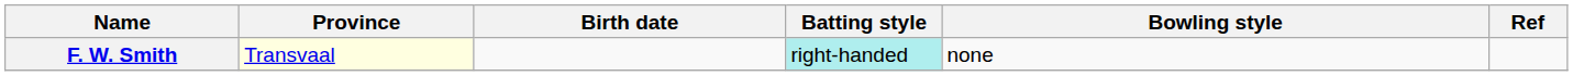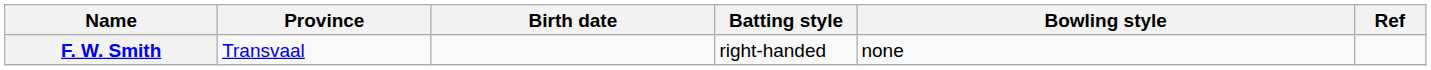 <table class="wikitable plainrowheaders" style="font-size:95%; width:90%;">
 <tr>
 <th scope="col" width="15%">Name</th>
 <th scope="col" width="15%">Province</th>
 <th scope="col" width="20%">Birth date</th>
 <th scope="col" width="10%">Batting style</th>
 <th scope="col" width="35%">Bowling style</th>
 <th scope="col" width="5%">Ref</th>
 </tr>
 <tr>
 <th scope="row"><a href='#'>F. W. Smith</a></th>
-<td style="background: lightyellow;"><a href='#'>Transvaal</a></td>
+<td><a href='#'>Transvaal</a></td>
 <td></td>
-<td style="background: paleturquoise;">right-handed</td>
+<td>right-handed</td>
 <td>none</td>
 <td></td>
 </tr>
 <tr>
 </tr>
 </table>
